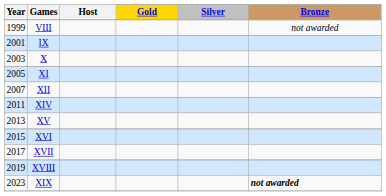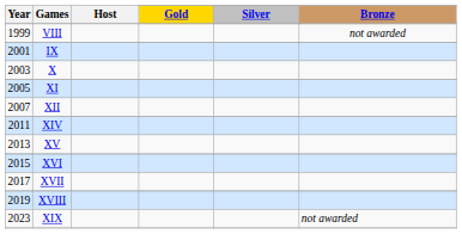 <table class="wikitable" style="text-align: center; font-size:95%;">
 <tr>
 <th rowspan="2" style="width:5%;">Year</th>
 <th rowspan="2" style="width:5%;">Games</th>
 <th rowspan="2" style="width:15%;">Host</th>
 </tr>
 <tr>
 <th style="background-color: gold"><a href='#'>Gold</a></th>
 <th style="background-color: silver"><a href='#'>Silver</a></th>
 <th style="background-color: #CC9966"><a href='#'>Bronze</a></th>
 </tr>
 <tr>
 </tr>
 <tr>
 <td>1999</td>
 <td align=center><a href='#'>VIII</a></td>
 <td align="left"></td>
 <td align="left"></td>
 <td align="left"></td>
 <td><em>not awarded</em></td>
 </tr>
 <tr>
 </tr>
 <tr style="text-align:center; background:#d0e7ff;">
 <td>2001</td>
 <td align=center><a href='#'>IX</a></td>
 <td align="left"></td>
 <td align="left"></td>
 <td align="left"></td>
 <td align="left"></td>
 </tr>
 <tr>
 <td>2003</td>
 <td align=center><a href='#'>X</a></td>
 <td align="left"></td>
 <td align="left"></td>
 <td align="left"></td>
 <td align="left"></td>
 </tr>
 <tr>
 </tr>
 <tr style="text-align:center; background:#d0e7ff;">
 <td>2005</td>
 <td align=center><a href='#'>XI</a></td>
 <td align="left"></td>
 <td align="left"></td>
 <td align="left"></td>
 <td align="left"></td>
 </tr>
 <tr>
 <td>2007</td>
 <td align=center><a href='#'>XII</a></td>
 <td align="left"></td>
 <td align="left"></td>
 <td align="left"></td>
 <td align="left"></td>
 </tr>
 <tr>
 </tr>
 <tr style="text-align:center; background:#d0e7ff;">
 <td>2011</td>
 <td align=center><a href='#'>XIV</a></td>
 <td align="left"></td>
 <td align="left"></td>
 <td align="left"></td>
 <td align="left"></td>
 </tr>
 <tr>
 <td>2013</td>
 <td align=center><a href='#'>XV</a></td>
 <td align="left"></td>
 <td align="left"></td>
 <td align="left"></td>
 <td align="left"></td>
 </tr>
 <tr>
 </tr>
 <tr style="text-align:center; background:#d0e7ff;">
 <td>2015</td>
 <td align=center><a href='#'>XVI</a></td>
 <td align="left"></td>
 <td align="left"></td>
 <td align="left"></td>
 <td align="left"></td>
 </tr>
 <tr>
 <td>2017</td>
 <td align=center><a href='#'>XVII</a></td>
 <td align="left"></td>
 <td align="left"></td>
 <td align="left"></td>
 <td align="left"></td>
 </tr>
 <tr>
 </tr>
 <tr style="text-align:center; background:#d0e7ff;">
 <td>2019</td>
 <td align=center><a href='#'>XVIII</a></td>
 <td align="left"></td>
 <td align="left"></td>
 <td align="left"></td>
 <td align="left"></td>
 </tr>
 <tr>
 <td>2023</td>
 <td align=center><a href='#'>XIX</a></td>
 <td align="left"></td>
 <td align="left"></td>
 <td align="left"></td>
-<td align="left"><strong><em>not awarded</em></strong></td>
+<td align="left"><em>not awarded</em></td>
 </tr>
 <tr>
 </tr>
 </table>
